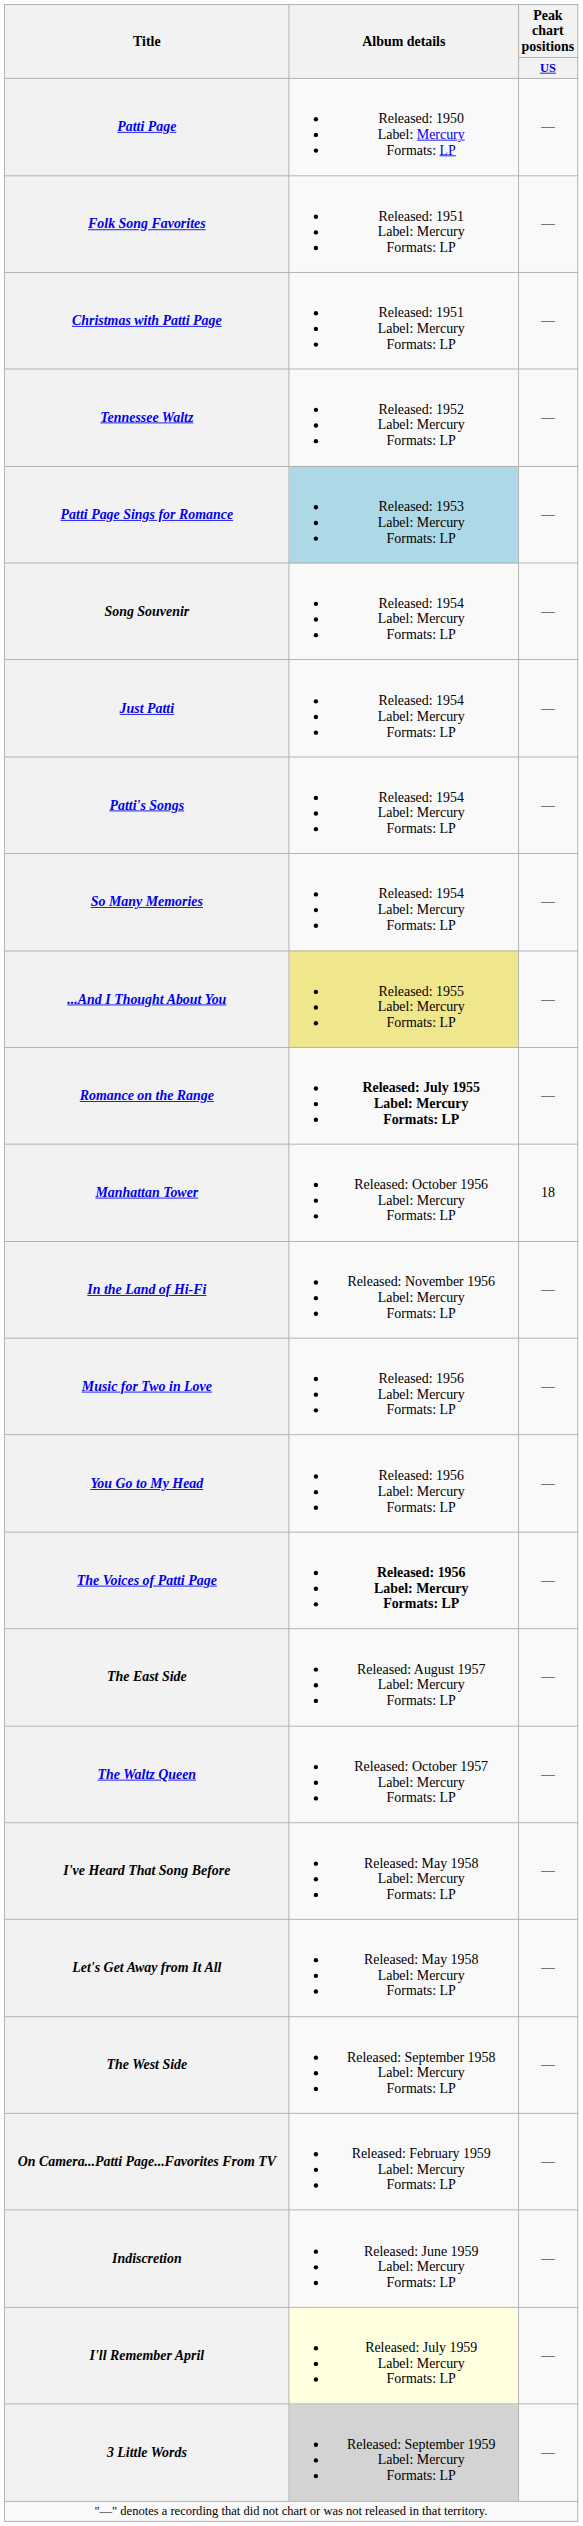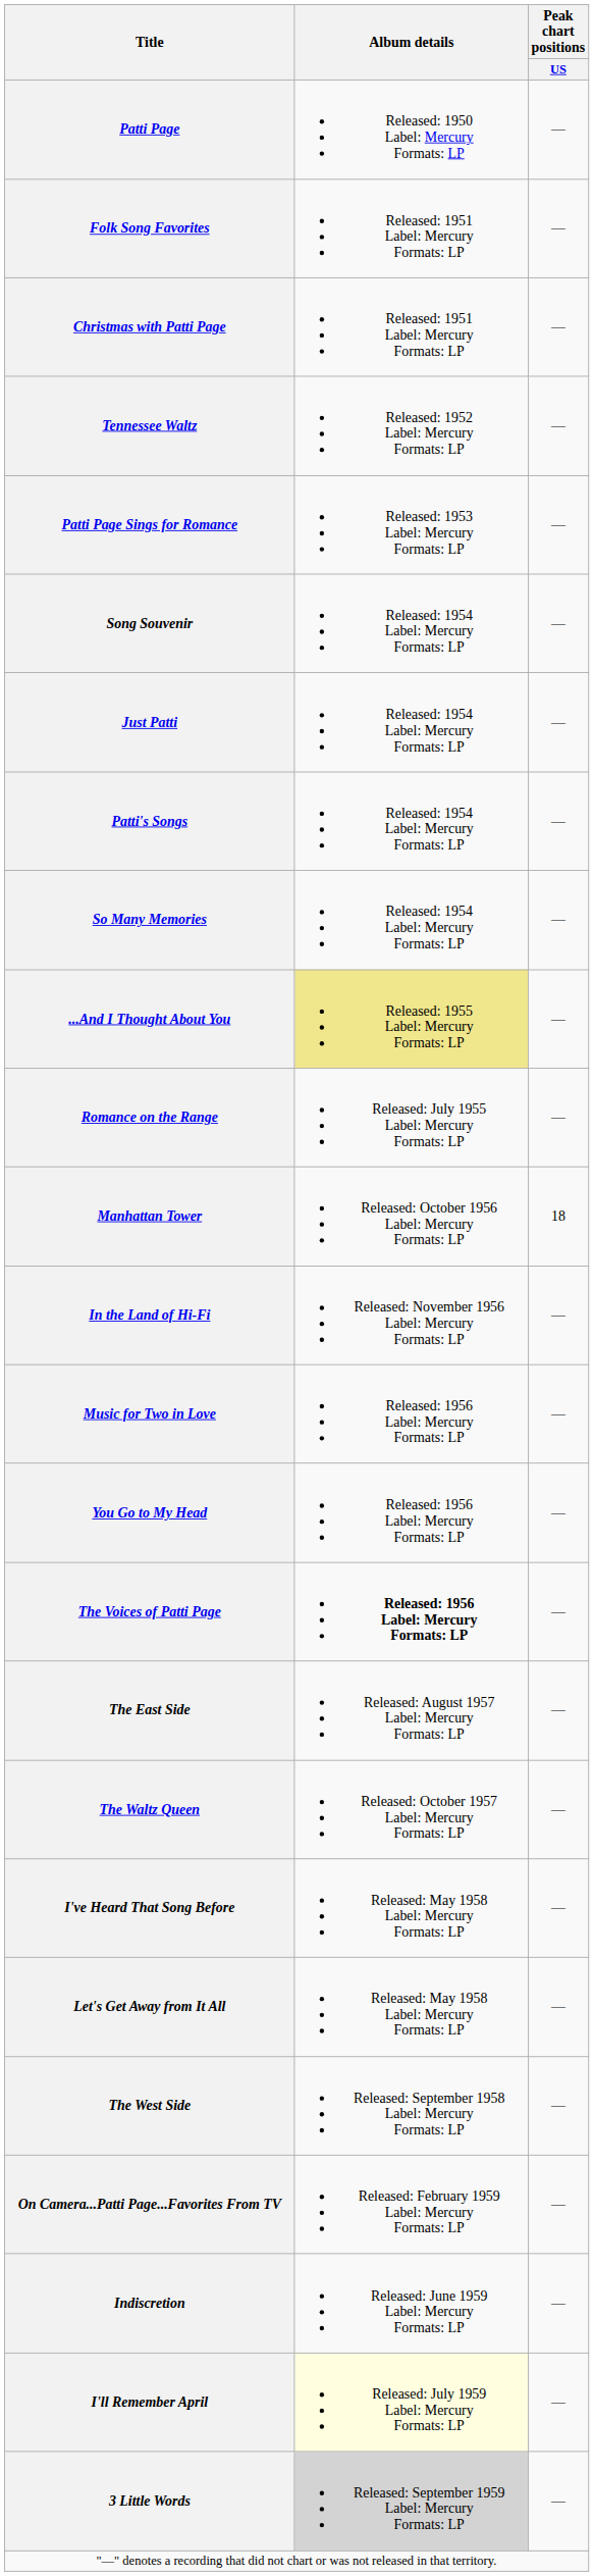 <table class="wikitable plainrowheaders" style="text-align:center;">
 <tr>
 <th scope="col" rowspan="2" style="width:20em;">Title</th>
 <th scope="col" rowspan="2" style="width:16em;">Album details</th>
 <th scope="col" colspan="2">Peak chart<br>positions</th>
 </tr>
 <tr>
 <th scope="col" style="width:2em;font-size:90%;"><a href='#'>US</a><br></th>
 </tr>
 <tr>
 <th scope="row"><em><a href='#'>Patti Page</a></em></th>
 <td><br><ul><li>Released: 1950</li><li>Label: <a href='#'>Mercury</a></li><li>Formats: <a href='#'>LP</a></li></ul></td>
 <td>—</td>
 </tr>
 <tr>
 <th scope="row"><em><a href='#'>Folk Song Favorites</a></em></th>
 <td><br><ul><li>Released: 1951</li><li>Label: Mercury</li><li>Formats: LP</li></ul></td>
 <td>—</td>
 </tr>
 <tr>
 <th scope="row"><em><a href='#'>Christmas with Patti Page</a></em></th>
 <td><br><ul><li>Released: 1951</li><li>Label: Mercury</li><li>Formats: LP</li></ul></td>
 <td>—</td>
 </tr>
 <tr>
 <th scope="row"><em><a href='#'>Tennessee Waltz</a></em></th>
 <td><br><ul><li>Released: 1952</li><li>Label: Mercury</li><li>Formats: LP</li></ul></td>
 <td>—</td>
 </tr>
 <tr>
 <th scope="row"><em><a href='#'>Patti Page Sings for Romance</a></em></th>
-<td style="background: lightblue;"><br><ul><li>Released: 1953</li><li>Label: Mercury</li><li>Formats: LP</li></ul></td>
+<td><br><ul><li>Released: 1953</li><li>Label: Mercury</li><li>Formats: LP</li></ul></td>
 <td>—</td>
 </tr>
 <tr>
 <th scope="row"><em>Song Souvenir</em></th>
 <td><br><ul><li>Released: 1954</li><li>Label: Mercury</li><li>Formats: LP</li></ul></td>
 <td>—</td>
 </tr>
 <tr>
 <th scope="row"><em><a href='#'>Just Patti</a></em></th>
 <td><br><ul><li>Released: 1954</li><li>Label: Mercury</li><li>Formats: LP</li></ul></td>
 <td>—</td>
 </tr>
 <tr>
 <th scope="row"><em><a href='#'>Patti's Songs</a></em></th>
 <td><br><ul><li>Released: 1954</li><li>Label: Mercury</li><li>Formats: LP</li></ul></td>
 <td>—</td>
 </tr>
 <tr>
 <th scope="row"><em><a href='#'>So Many Memories</a></em></th>
 <td><br><ul><li>Released: 1954</li><li>Label: Mercury</li><li>Formats: LP</li></ul></td>
 <td>—</td>
 </tr>
 <tr>
 <th scope="row"><em><a href='#'>...And I Thought About You</a></em></th>
 <td style="background: khaki;"><br><ul><li>Released: 1955</li><li>Label: Mercury</li><li>Formats: LP</li></ul></td>
 <td>—</td>
 </tr>
 <tr>
 <th scope="row"><em><a href='#'>Romance on the Range</a></em></th>
-<td><strong><br><ul><li>Released: July 1955</li><li>Label: Mercury</li><li>Formats: LP</li></ul></strong></td>
+<td><br><ul><li>Released: July 1955</li><li>Label: Mercury</li><li>Formats: LP</li></ul></td>
 <td>—</td>
 </tr>
 <tr>
 <th scope="row"><em><a href='#'>Manhattan Tower</a></em></th>
 <td><br><ul><li>Released: October 1956</li><li>Label: Mercury</li><li>Formats: LP</li></ul></td>
 <td>18</td>
 </tr>
 <tr>
 <th scope="row"><em><a href='#'>In the Land of Hi-Fi</a></em></th>
 <td><br><ul><li>Released: November 1956</li><li>Label: Mercury</li><li>Formats: LP</li></ul></td>
 <td>—</td>
 </tr>
 <tr>
 <th scope="row"><em><a href='#'>Music for Two in Love</a></em></th>
 <td><br><ul><li>Released: 1956</li><li>Label: Mercury</li><li>Formats: LP</li></ul></td>
 <td>—</td>
 </tr>
 <tr>
 <th scope="row"><em><a href='#'>You Go to My Head</a></em></th>
 <td><br><ul><li>Released: 1956</li><li>Label: Mercury</li><li>Formats: LP</li></ul></td>
 <td>—</td>
 </tr>
 <tr>
 <th scope="row"><em><a href='#'>The Voices of Patti Page</a></em></th>
 <td><strong><br><ul><li>Released: 1956</li><li>Label: Mercury</li><li>Formats: LP</li></ul></strong></td>
 <td>—</td>
 </tr>
 <tr>
 <th scope="row"><em>The East Side</em></th>
 <td><br><ul><li>Released: August 1957</li><li>Label: Mercury</li><li>Formats: LP</li></ul></td>
 <td>—</td>
 </tr>
 <tr>
 <th scope="row"><em><a href='#'>The Waltz Queen</a></em></th>
 <td><br><ul><li>Released: October 1957</li><li>Label: Mercury</li><li>Formats: LP</li></ul></td>
 <td>—</td>
 </tr>
 <tr>
 <th scope="row"><em>I've Heard That Song Before</em></th>
 <td><br><ul><li>Released: May 1958</li><li>Label: Mercury</li><li>Formats: LP</li></ul></td>
 <td>—</td>
 </tr>
 <tr>
 <th scope="row"><em>Let's Get Away from It All</em></th>
 <td><br><ul><li>Released: May 1958</li><li>Label: Mercury</li><li>Formats: LP</li></ul></td>
 <td>—</td>
 </tr>
 <tr>
 <th scope="row"><em>The West Side</em></th>
 <td><br><ul><li>Released: September 1958</li><li>Label: Mercury</li><li>Formats: LP</li></ul></td>
 <td>—</td>
 </tr>
 <tr>
 <th scope="row"><em>On Camera...Patti Page...Favorites From TV</em></th>
 <td><br><ul><li>Released: February 1959</li><li>Label: Mercury</li><li>Formats: LP</li></ul></td>
 <td>—</td>
 </tr>
 <tr>
 <th scope="row"><em>Indiscretion</em></th>
 <td><br><ul><li>Released: June 1959</li><li>Label: Mercury</li><li>Formats: LP</li></ul></td>
 <td>—</td>
 </tr>
 <tr>
 <th scope="row"><em>I'll Remember April</em></th>
 <td style="background: lightyellow;"><br><ul><li>Released: July 1959</li><li>Label: Mercury</li><li>Formats: LP</li></ul></td>
 <td>—</td>
 </tr>
 <tr>
 <th scope="row"><em>3 Little Words</em></th>
 <td style="background: lightgrey;"><br><ul><li>Released: September 1959</li><li>Label: Mercury</li><li>Formats: LP</li></ul></td>
 <td>—</td>
 </tr>
 <tr>
 <td colspan="3" style="font-size:90%">"—" denotes a recording that did not chart or was not released in that territory.</td>
 </tr>
 </table>
